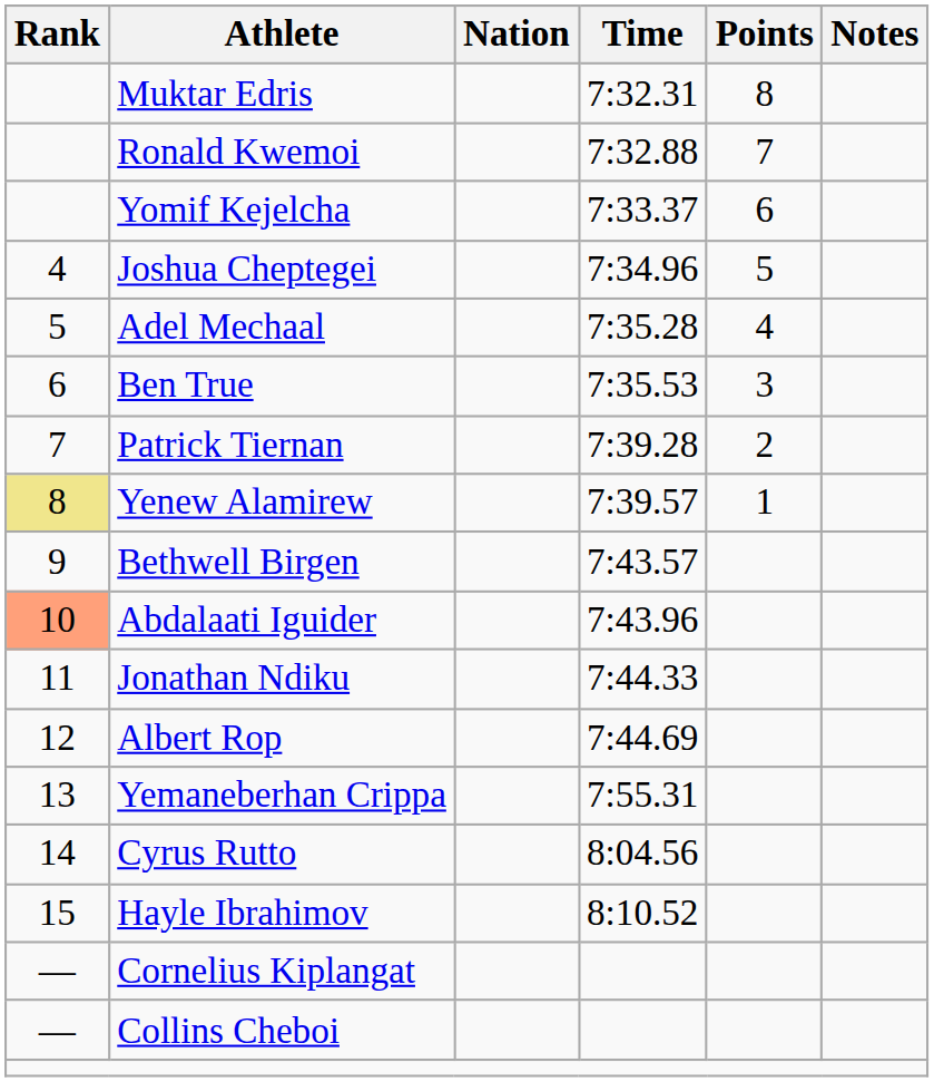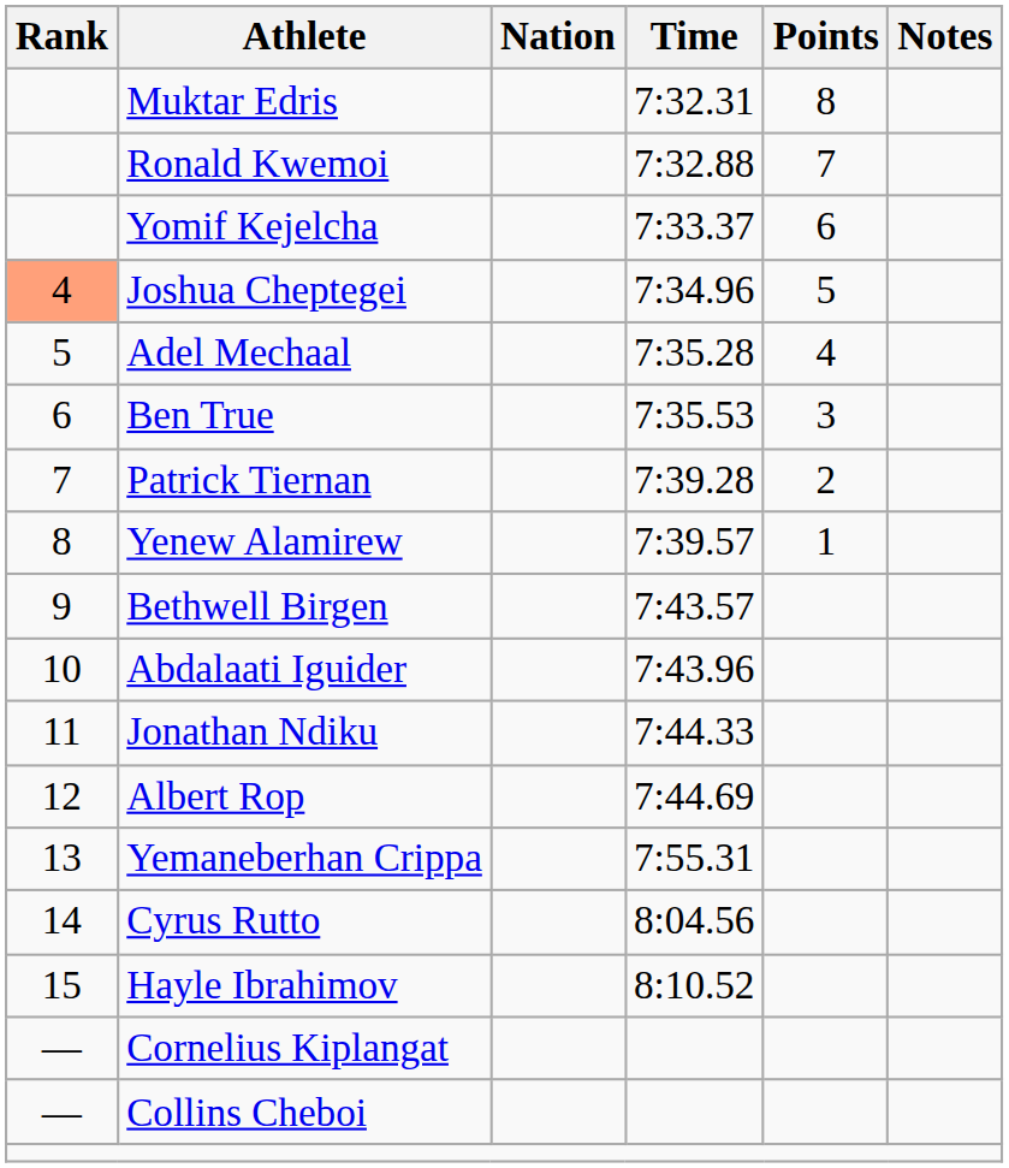 <table class="wikitable mw-datatable sortable" style="text-align:center;">
 <tr>
 <th>Rank</th>
 <th>Athlete</th>
 <th>Nation</th>
 <th>Time</th>
 <th>Points</th>
 <th>Notes</th>
 </tr>
 <tr>
 <td></td>
 <td align=left><a href='#'>Muktar Edris</a></td>
 <td align=left></td>
 <td>7:32.31</td>
 <td>8</td>
 <td></td>
 </tr>
 <tr>
 <td></td>
 <td align=left><a href='#'>Ronald Kwemoi</a></td>
 <td align=left></td>
 <td>7:32.88</td>
 <td>7</td>
 <td></td>
 </tr>
 <tr>
 <td></td>
 <td align=left><a href='#'>Yomif Kejelcha</a></td>
 <td align=left></td>
 <td>7:33.37</td>
 <td>6</td>
 <td></td>
 </tr>
 <tr>
-<td>4</td>
+<td style="background: lightsalmon;">4</td>
 <td align=left><a href='#'>Joshua Cheptegei</a></td>
 <td align=left></td>
 <td>7:34.96</td>
 <td>5</td>
 <td></td>
 </tr>
 <tr>
 <td>5</td>
 <td align=left><a href='#'>Adel Mechaal</a></td>
 <td align=left></td>
 <td>7:35.28</td>
 <td>4</td>
 <td></td>
 </tr>
 <tr>
 <td>6</td>
 <td align=left><a href='#'>Ben True</a></td>
 <td align=left></td>
 <td>7:35.53</td>
 <td>3</td>
 <td></td>
 </tr>
 <tr>
 <td>7</td>
 <td align=left><a href='#'>Patrick Tiernan</a></td>
 <td align=left></td>
 <td>7:39.28</td>
 <td>2</td>
 <td></td>
 </tr>
 <tr>
-<td style="background: khaki;">8</td>
+<td>8</td>
 <td align=left><a href='#'>Yenew Alamirew</a></td>
 <td align=left></td>
 <td>7:39.57</td>
 <td>1</td>
 <td></td>
 </tr>
 <tr>
 <td>9</td>
 <td align=left><a href='#'>Bethwell Birgen</a></td>
 <td align=left></td>
 <td>7:43.57</td>
 <td></td>
 <td></td>
 </tr>
 <tr>
-<td style="background: lightsalmon;">10</td>
+<td>10</td>
 <td align=left><a href='#'>Abdalaati Iguider</a></td>
 <td align=left></td>
 <td>7:43.96</td>
 <td></td>
 <td></td>
 </tr>
 <tr>
 <td>11</td>
 <td align=left><a href='#'>Jonathan Ndiku</a></td>
 <td align=left></td>
 <td>7:44.33</td>
 <td></td>
 <td></td>
 </tr>
 <tr>
 <td>12</td>
 <td align=left><a href='#'>Albert Rop</a></td>
 <td align=left></td>
 <td>7:44.69</td>
 <td></td>
 <td></td>
 </tr>
 <tr>
 <td>13</td>
 <td align=left><a href='#'>Yemaneberhan Crippa</a></td>
 <td align=left></td>
 <td>7:55.31</td>
 <td></td>
 <td></td>
 </tr>
 <tr>
 <td>14</td>
 <td align=left><a href='#'>Cyrus Rutto</a></td>
 <td align=left></td>
 <td>8:04.56</td>
 <td></td>
 <td></td>
 </tr>
 <tr>
 <td>15</td>
 <td align=left><a href='#'>Hayle Ibrahimov</a></td>
 <td align=left></td>
 <td>8:10.52</td>
 <td></td>
 <td></td>
 </tr>
 <tr>
 <td>—</td>
 <td align=left><a href='#'>Cornelius Kiplangat</a></td>
 <td align=left></td>
 <td></td>
 <td></td>
 <td></td>
 </tr>
 <tr>
 <td>—</td>
 <td align=left><a href='#'>Collins Cheboi</a></td>
 <td align=left></td>
 <td></td>
 <td></td>
 <td></td>
 </tr>
 <tr class="sortbottom">
 <td colspan=6></td>
 </tr>
 </table>
